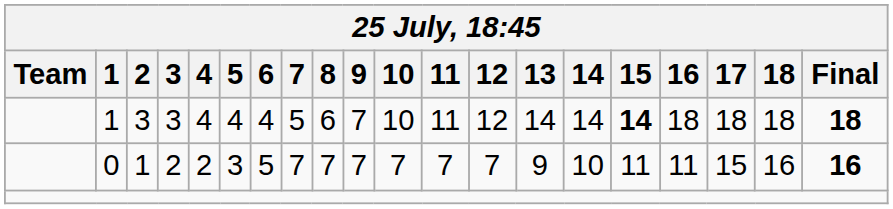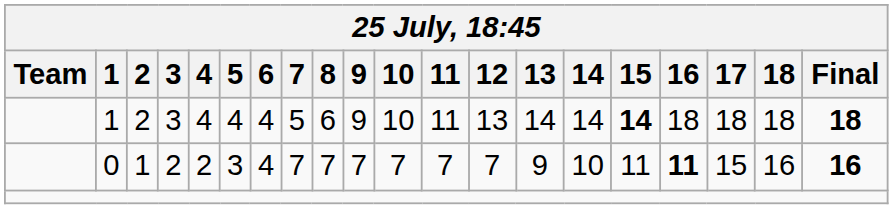 <table class=wikitable style="text-align:center; width: 55%">
 <tr>
 <th colspan=20><em>25 July, 18:45</em></th>
 </tr>
 <tr>
 <th>Team</th>
 <th>1</th>
 <th>2</th>
 <th>3</th>
 <th>4</th>
 <th>5</th>
 <th>6</th>
 <th>7</th>
 <th>8</th>
 <th>9</th>
 <th>10</th>
 <th>11</th>
 <th>12</th>
 <th>13</th>
 <th>14</th>
 <th>15</th>
 <th>16</th>
 <th>17</th>
 <th>18</th>
 <th>Final</th>
 </tr>
 <tr>
 <td align=left><strong></strong></td>
 <td>1</td>
-<td>3</td>
+<td>2</td>
 <td>3</td>
 <td>4</td>
 <td>4</td>
 <td>4</td>
 <td>5</td>
 <td>6</td>
-<td>7</td>
+<td>9</td>
 <td>10</td>
 <td>11</td>
-<td>12</td>
+<td>13</td>
 <td>14</td>
 <td>14</td>
 <td><strong>14</strong></td>
 <td>18</td>
 <td>18</td>
 <td>18</td>
 <td><strong>18</strong></td>
 </tr>
 <tr>
 <td align=left></td>
 <td>0</td>
 <td>1</td>
 <td>2</td>
 <td>2</td>
 <td>3</td>
-<td>5</td>
+<td>4</td>
 <td>7</td>
 <td>7</td>
 <td>7</td>
 <td>7</td>
 <td>7</td>
 <td>7</td>
 <td>9</td>
 <td>10</td>
 <td>11</td>
-<td>11</td>
+<td><strong>11</strong></td>
 <td>15</td>
 <td>16</td>
 <td><strong>16</strong></td>
 </tr>
 <tr>
 <td colspan=20></td>
 </tr>
 </table>
